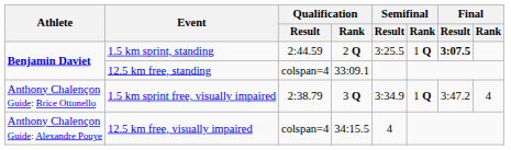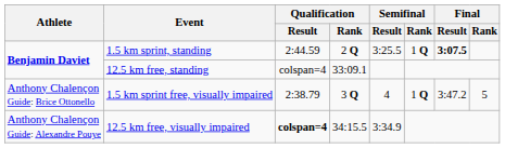 <table class="wikitable" style="font-size:90%">
 <tr>
 <th rowspan=2>Athlete</th>
 <th rowspan=2>Event</th>
 <th colspan=2>Qualification</th>
 <th colspan=2>Semifinal</th>
 <th colspan=2>Final</th>
 </tr>
 <tr style="font-size:95%">
 <th>Result</th>
 <th>Rank</th>
 <th>Result</th>
 <th>Rank</th>
 <th>Result</th>
 <th>Rank</th>
 </tr>
 <tr align=center>
 <td style="text-align:left;" rowspan="2"><strong><a href='#'>Benjamin Daviet</a></strong></td>
 <td align=left><a href='#'>1.5 km sprint, standing</a></td>
 <td>2:44.59</td>
 <td>2 <strong>Q</strong></td>
 <td>3:25.5</td>
 <td>1 <strong>Q</strong></td>
 <td><strong>3:07.5</strong></td>
 <td></td>
 </tr>
 <tr align=center>
 <td align=left><a href='#'>12.5 km free, standing</a></td>
 <td>colspan=4 </td>
 <td>33:09.1</td>
 <td></td>
 </tr>
 <tr align=center>
 <td style="text-align:left;" rowspan="1"><a href='#'>Anthony Chalençon</a><br><small><a href='#'>Guide</a>: <a href='#'>Brice Ottonello</a></small></td>
 <td align=left><a href='#'>1.5 km sprint free, visually impaired</a></td>
 <td>2:38.79</td>
 <td>3 <strong>Q</strong></td>
-<td>3:34.9</td>
+<td>4</td>
 <td>1 <strong>Q</strong></td>
 <td>3:47.2</td>
-<td>4</td>
+<td>5</td>
 </tr>
 <tr align=center>
 <td style="text-align:left;" rowspan="1"><a href='#'>Anthony Chalençon</a><br><small><a href='#'>Guide</a>: <a href='#'>Alexandre Pouye</a></small></td>
 <td align=left><a href='#'>12.5 km free, visually impaired</a></td>
-<td>colspan=4 </td>
+<td><strong>colspan=4 </strong></td>
 <td>34:15.5</td>
-<td>4</td>
+<td>3:34.9</td>
 </tr>
 </table>
